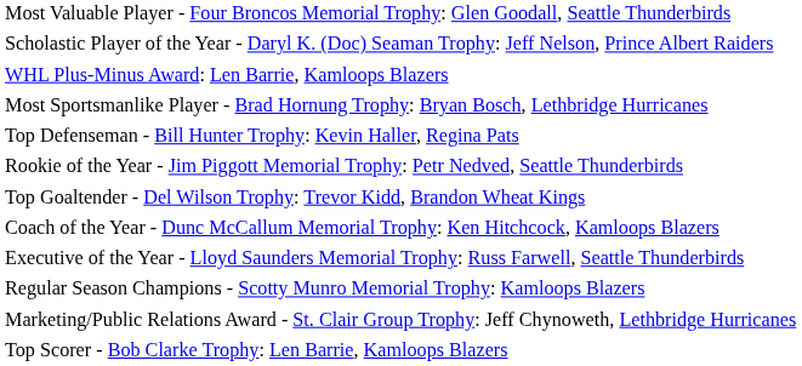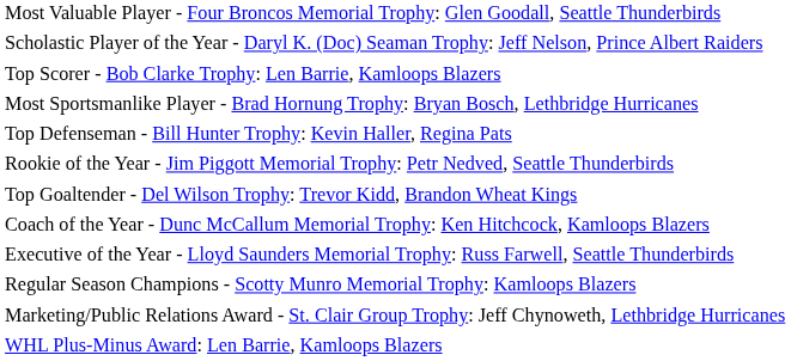 <table cellpadding="3" cellspacing="1">
 <tr>
 <td>Most Valuable Player - <a href='#'>Four Broncos Memorial Trophy</a>: <a href='#'>Glen Goodall</a>, <a href='#'>Seattle Thunderbirds</a></td>
 </tr>
 <tr>
 <td>Scholastic Player of the Year - <a href='#'>Daryl K. (Doc) Seaman Trophy</a>: <a href='#'>Jeff Nelson</a>, <a href='#'>Prince Albert Raiders</a></td>
 </tr>
 <tr>
-<td><a href='#'>WHL Plus-Minus Award</a>: <a href='#'>Len Barrie</a>, <a href='#'>Kamloops Blazers</a></td>
+<td>Top Scorer - <a href='#'>Bob Clarke Trophy</a>: <a href='#'>Len Barrie</a>, <a href='#'>Kamloops Blazers</a></td>
 </tr>
 <tr>
 <td>Most Sportsmanlike Player - <a href='#'>Brad Hornung Trophy</a>: <a href='#'>Bryan Bosch</a>, <a href='#'>Lethbridge Hurricanes</a></td>
 </tr>
 <tr>
 <td>Top Defenseman - <a href='#'>Bill Hunter Trophy</a>: <a href='#'>Kevin Haller</a>, <a href='#'>Regina Pats</a></td>
 </tr>
 <tr>
 <td>Rookie of the Year - <a href='#'>Jim Piggott Memorial Trophy</a>: <a href='#'>Petr Nedved</a>, <a href='#'>Seattle Thunderbirds</a></td>
 </tr>
 <tr>
 <td>Top Goaltender - <a href='#'>Del Wilson Trophy</a>: <a href='#'>Trevor Kidd</a>, <a href='#'>Brandon Wheat Kings</a></td>
 </tr>
 <tr>
 <td>Coach of the Year - <a href='#'>Dunc McCallum Memorial Trophy</a>: <a href='#'>Ken Hitchcock</a>, <a href='#'>Kamloops Blazers</a></td>
 </tr>
 <tr>
 <td>Executive of the Year - <a href='#'>Lloyd Saunders Memorial Trophy</a>: <a href='#'>Russ Farwell</a>, <a href='#'>Seattle Thunderbirds</a></td>
 </tr>
 <tr>
 <td>Regular Season Champions - <a href='#'>Scotty Munro Memorial Trophy</a>: <a href='#'>Kamloops Blazers</a></td>
 </tr>
 <tr>
 <td>Marketing/Public Relations Award - <a href='#'>St. Clair Group Trophy</a>: Jeff Chynoweth, <a href='#'>Lethbridge Hurricanes</a></td>
 </tr>
 <tr>
-<td>Top Scorer - <a href='#'>Bob Clarke Trophy</a>: <a href='#'>Len Barrie</a>, <a href='#'>Kamloops Blazers</a></td>
+<td><a href='#'>WHL Plus-Minus Award</a>: <a href='#'>Len Barrie</a>, <a href='#'>Kamloops Blazers</a></td>
 </tr>
 </table>
